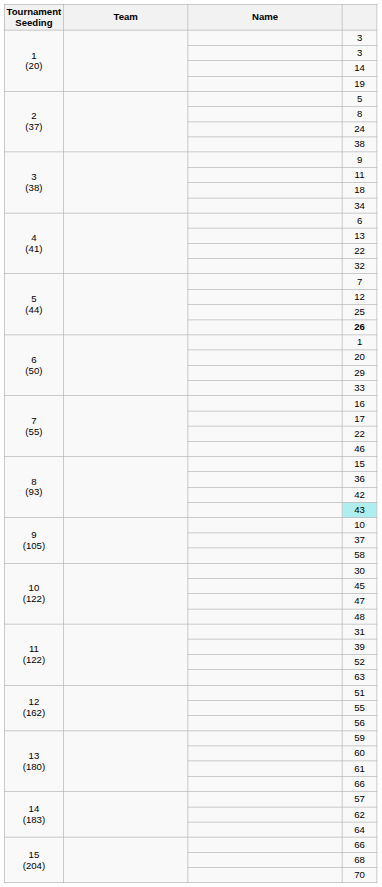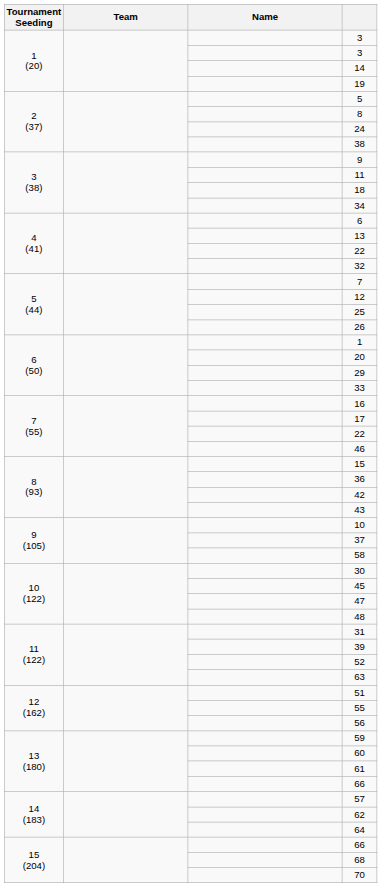 <table class="wikitable" style="text-align:center">
 <tr>
 <th width="50">Tournament Seeding</th>
 <th width="200">Team</th>
 <th width="250">Name</th>
 <th width="50"></th>
 </tr>
 <tr>
 <td rowspan="4">1<br>(20)</td>
 <td rowspan="4" align="left"></td>
 <td align="left"></td>
 <td>3</td>
 </tr>
 <tr>
 <td align="left"></td>
 <td>3</td>
 </tr>
 <tr>
 <td align="left"></td>
 <td>14</td>
 </tr>
 <tr>
 <td align="left"></td>
 <td>19</td>
 </tr>
 <tr>
 <td rowspan="4">2<br>(37)</td>
 <td rowspan="4" align="left"></td>
 <td align="left"></td>
 <td>5</td>
 </tr>
 <tr>
 <td align="left"></td>
 <td>8</td>
 </tr>
 <tr>
 <td align="left"></td>
 <td>24</td>
 </tr>
 <tr>
 <td align="left"></td>
 <td>38</td>
 </tr>
 <tr>
 <td rowspan="4">3<br>(38)</td>
 <td rowspan="4" align="left"></td>
 <td align="left"></td>
 <td>9</td>
 </tr>
 <tr>
 <td align="left"></td>
 <td>11</td>
 </tr>
 <tr>
 <td align="left"></td>
 <td>18</td>
 </tr>
 <tr>
 <td align="left"></td>
 <td>34</td>
 </tr>
 <tr>
 <td rowspan="4">4<br>(41)</td>
 <td rowspan="4" align="left"></td>
 <td align="left"></td>
 <td>6</td>
 </tr>
 <tr>
 <td align="left"></td>
 <td>13</td>
 </tr>
 <tr>
 <td align="left"></td>
 <td>22</td>
 </tr>
 <tr>
 <td align="left"></td>
 <td>32</td>
 </tr>
 <tr>
 <td rowspan="4">5<br>(44)</td>
 <td rowspan="4" align="left"></td>
 <td align="left"></td>
 <td>7</td>
 </tr>
 <tr>
 <td align="left"></td>
 <td>12</td>
 </tr>
 <tr>
 <td align="left"></td>
 <td>25</td>
 </tr>
 <tr>
 <td align="left"></td>
-<td><strong>26</strong></td>
+<td>26</td>
 </tr>
 <tr>
 <td rowspan="4">6<br>(50)</td>
 <td rowspan="4" align="left"></td>
 <td align="left"></td>
 <td>1</td>
 </tr>
 <tr>
 <td align="left"></td>
 <td>20</td>
 </tr>
 <tr>
 <td align="left"></td>
 <td>29</td>
 </tr>
 <tr>
 <td align="left"></td>
 <td>33</td>
 </tr>
 <tr>
 <td rowspan="4">7<br>(55)</td>
 <td rowspan="4" align="left"></td>
 <td align="left"></td>
 <td>16</td>
 </tr>
 <tr>
 <td align="left"></td>
 <td>17</td>
 </tr>
 <tr>
 <td align="left"></td>
 <td>22</td>
 </tr>
 <tr>
 <td align="left"></td>
 <td>46</td>
 </tr>
 <tr>
 <td rowspan="4">8<br>(93)</td>
 <td rowspan="4" align="left"></td>
 <td align="left"></td>
 <td>15</td>
 </tr>
 <tr>
 <td align="left"></td>
 <td>36</td>
 </tr>
 <tr>
 <td align="left"></td>
 <td>42</td>
 </tr>
 <tr>
 <td align="left"></td>
-<td style="background: paleturquoise;">43</td>
+<td>43</td>
 </tr>
 <tr>
 <td rowspan="3">9<br>(105)</td>
 <td rowspan="3" align="left"></td>
 <td align="left"></td>
 <td>10</td>
 </tr>
 <tr>
 <td align="left"></td>
 <td>37</td>
 </tr>
 <tr>
 <td align="left"></td>
 <td>58</td>
 </tr>
 <tr>
 <td rowspan="4">10<br>(122)</td>
 <td rowspan="4" align="left"></td>
 <td align="left"></td>
 <td>30</td>
 </tr>
 <tr>
 <td align="left"></td>
 <td>45</td>
 </tr>
 <tr>
 <td align="left"></td>
 <td>47</td>
 </tr>
 <tr>
 <td align="left"></td>
 <td>48</td>
 </tr>
 <tr>
 <td rowspan="4">11<br>(122)</td>
 <td rowspan="4" align="left"></td>
 <td align="left"></td>
 <td>31</td>
 </tr>
 <tr>
 <td align="left"></td>
 <td>39</td>
 </tr>
 <tr>
 <td align="left"></td>
 <td>52</td>
 </tr>
 <tr>
 <td align="left"></td>
 <td>63</td>
 </tr>
 <tr>
 <td rowspan="3">12<br>(162)</td>
 <td rowspan="3" align="left"></td>
 <td align="left"></td>
 <td>51</td>
 </tr>
 <tr>
 <td align="left"></td>
 <td>55</td>
 </tr>
 <tr>
 <td align="left"></td>
 <td>56</td>
 </tr>
 <tr>
 <td rowspan="4">13<br>(180)</td>
 <td rowspan="4" align="left"></td>
 <td align="left"></td>
 <td>59</td>
 </tr>
 <tr>
 <td align="left"></td>
 <td>60</td>
 </tr>
 <tr>
 <td align="left"></td>
 <td>61</td>
 </tr>
 <tr>
 <td align="left"></td>
 <td>66</td>
 </tr>
 <tr>
 <td rowspan="3">14<br>(183)</td>
 <td rowspan="3" align="left"></td>
 <td align="left"></td>
 <td>57</td>
 </tr>
 <tr>
 <td align="left"></td>
 <td>62</td>
 </tr>
 <tr>
 <td align="left"></td>
 <td>64</td>
 </tr>
 <tr>
 <td rowspan="3">15<br>(204)</td>
 <td rowspan="3" align="left"></td>
 <td align="left"></td>
 <td>66</td>
 </tr>
 <tr>
 <td align="left"></td>
 <td>68</td>
 </tr>
 <tr>
 <td align="left"></td>
 <td>70</td>
 </tr>
 </table>
